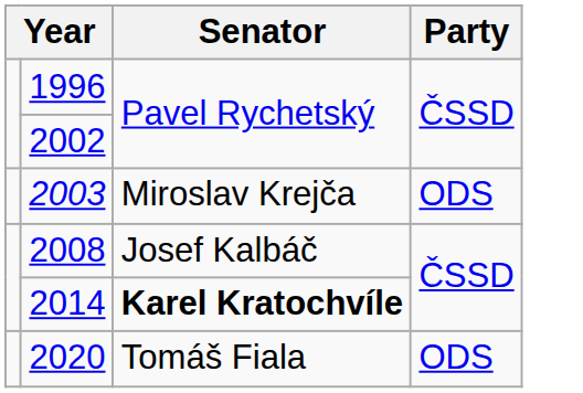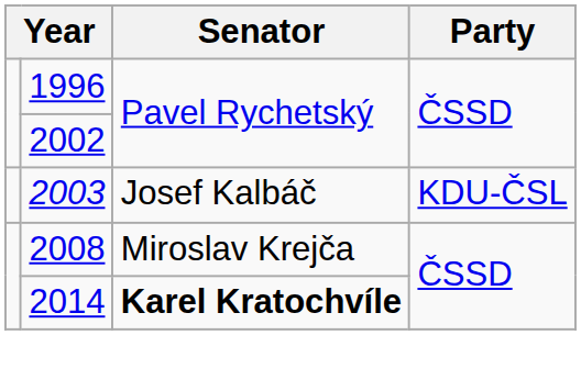 <table class="wikitable">
 <tr>
 <th colspan="2">Year</th>
 <th>Senator</th>
 <th>Party</th>
 </tr>
 <tr>
 <td rowspan="2" style="background-color:"></td>
 <td><a href='#'>1996</a></td>
 <td rowspan="2"><a href='#'>Pavel Rychetský</a></td>
 <td rowspan="2"><a href='#'>ČSSD</a></td>
 </tr>
 <tr>
 <td><a href='#'>2002</a></td>
 </tr>
 <tr>
 <td style="background-color:"></td>
 <td><a href='#'><em>2003</em></a></td>
-<td>Miroslav Krejča</td>
-<td><a href='#'>ODS</a></td>
+<td>Josef Kalbáč</td>
+<td><a href='#'>KDU-ČSL</a></td>
 </tr>
 <tr>
 <td rowspan="2" style="background-color:"></td>
 <td><a href='#'>2008</a></td>
-<td>Josef Kalbáč</td>
+<td>Miroslav Krejča</td>
 <td rowspan="2"><a href='#'>ČSSD</a></td>
 </tr>
 <tr>
 <td><a href='#'>2014</a></td>
 <td><strong>Karel Kratochvíle</strong></td>
 </tr>
-<tr>
-<td style="background-color:"></td>
-<td><a href='#'>2020</a></td>
-<td>Tomáš Fiala</td>
-<td><a href='#'>ODS</a></td>
-</tr>
 </table>
